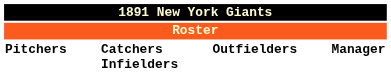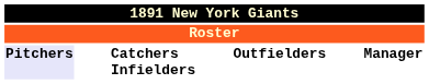 <table class="toccolours" style="font-size: 95%;">
 <tr>
 <th colspan="10" style="background-color: black; color: #FFFDD0; text-align: center;">1891 New York Giants</th>
 </tr>
 <tr>
 <td colspan="10" style="background-color: #fd5a1e; color: #FFFDD0; text-align: center;"><strong>Roster</strong></td>
 </tr>
 <tr>
-<td valign="top"><strong>Pitchers</strong><br>          </td>
+<td valign="top" style="background: lavender;"><strong>Pitchers</strong><br>          </td>
 <td width="25px"></td>
 <td valign="top"><strong>Catchers</strong><br>   <strong>Infielders</strong>       </td>
 <td width="25px"></td>
 <td valign="top"><strong>Outfielders</strong><br>  </td>
 <td width="25px"></td>
 <td valign="top"><strong>Manager</strong><br></td>
 </tr>
 </table>
